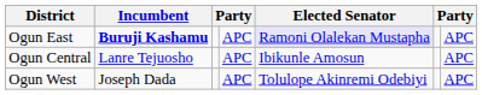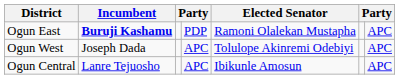 <table class="sortable wikitable" style="font-size:95%;line-height:14px;">
 <tr>
 <th class="unsortable">District</th>
 <th class="unsortable"><a href='#'>Incumbent</a></th>
 <th colspan="2">Party</th>
 <th class="unsortable">Elected Senator</th>
 <th colspan="2">Party</th>
 </tr>
 <tr>
 <td>Ogun East</td>
 <td><strong><a href='#'>Buruji Kashamu</a></strong></td>
 <td style="background:"></td>
+<td><a href='#'>PDP</a></td>
+<td><a href='#'>Ramoni Olalekan Mustapha</a></td>
+<td style="background:"></td>
 <td><a href='#'>APC</a></td>
-<td style="background: lavender;"><a href='#'>Ramoni Olalekan Mustapha</a></td>
+</tr>
+<tr>
+<td>Ogun West</td>
+<td>Joseph Dada</td>
+<td style="background-color:"></td>
+<td><a href='#'>APC</a></td>
+<td><a href='#'>Tolulope Akinremi Odebiyi</a></td>
 <td style="background:"></td>
 <td><a href='#'>APC</a></td>
 </tr>
 <tr>
 <td>Ogun Central</td>
 <td><a href='#'>Lanre Tejuosho</a></td>
 <td style="background-color:"></td>
 <td><a href='#'>APC</a></td>
 <td><a href='#'>Ibikunle Amosun</a></td>
 <td style="background:"></td>
 <td><a href='#'>APC</a></td>
 </tr>
-<tr>
-<td>Ogun West</td>
-<td>Joseph Dada</td>
-<td style="background-color:"></td>
-<td><a href='#'>APC</a></td>
-<td><a href='#'>Tolulope Akinremi Odebiyi</a></td>
-<td style="background:"></td>
-<td><a href='#'>APC</a></td>
-</tr>
 </table>
